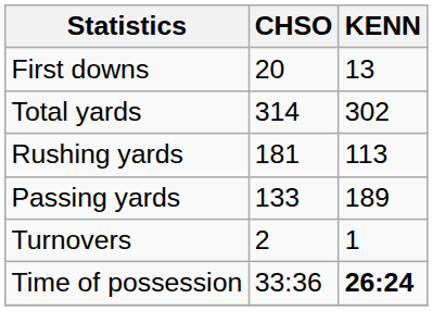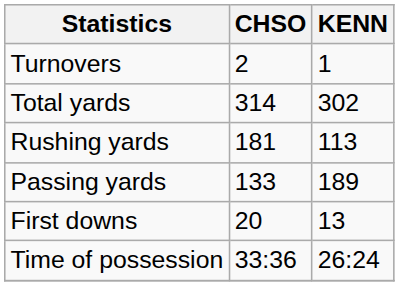 <table class="wikitable">
 <tr>
 <th>Statistics</th>
 <th>CHSO</th>
 <th>KENN</th>
 </tr>
 <tr>
-<td>First downs</td>
-<td>20</td>
-<td>13</td>
+<td>Turnovers</td>
+<td>2</td>
+<td>1</td>
 </tr>
 <tr>
 <td>Total yards</td>
 <td>314</td>
 <td>302</td>
 </tr>
 <tr>
 <td>Rushing yards</td>
 <td>181</td>
 <td>113</td>
 </tr>
 <tr>
 <td>Passing yards</td>
 <td>133</td>
 <td>189</td>
 </tr>
 <tr>
-<td>Turnovers</td>
-<td>2</td>
-<td>1</td>
+<td>First downs</td>
+<td>20</td>
+<td>13</td>
 </tr>
 <tr>
 <td>Time of possession</td>
 <td>33:36</td>
-<td><strong>26:24</strong></td>
+<td>26:24</td>
 </tr>
 <tr>
 </tr>
 </table>
